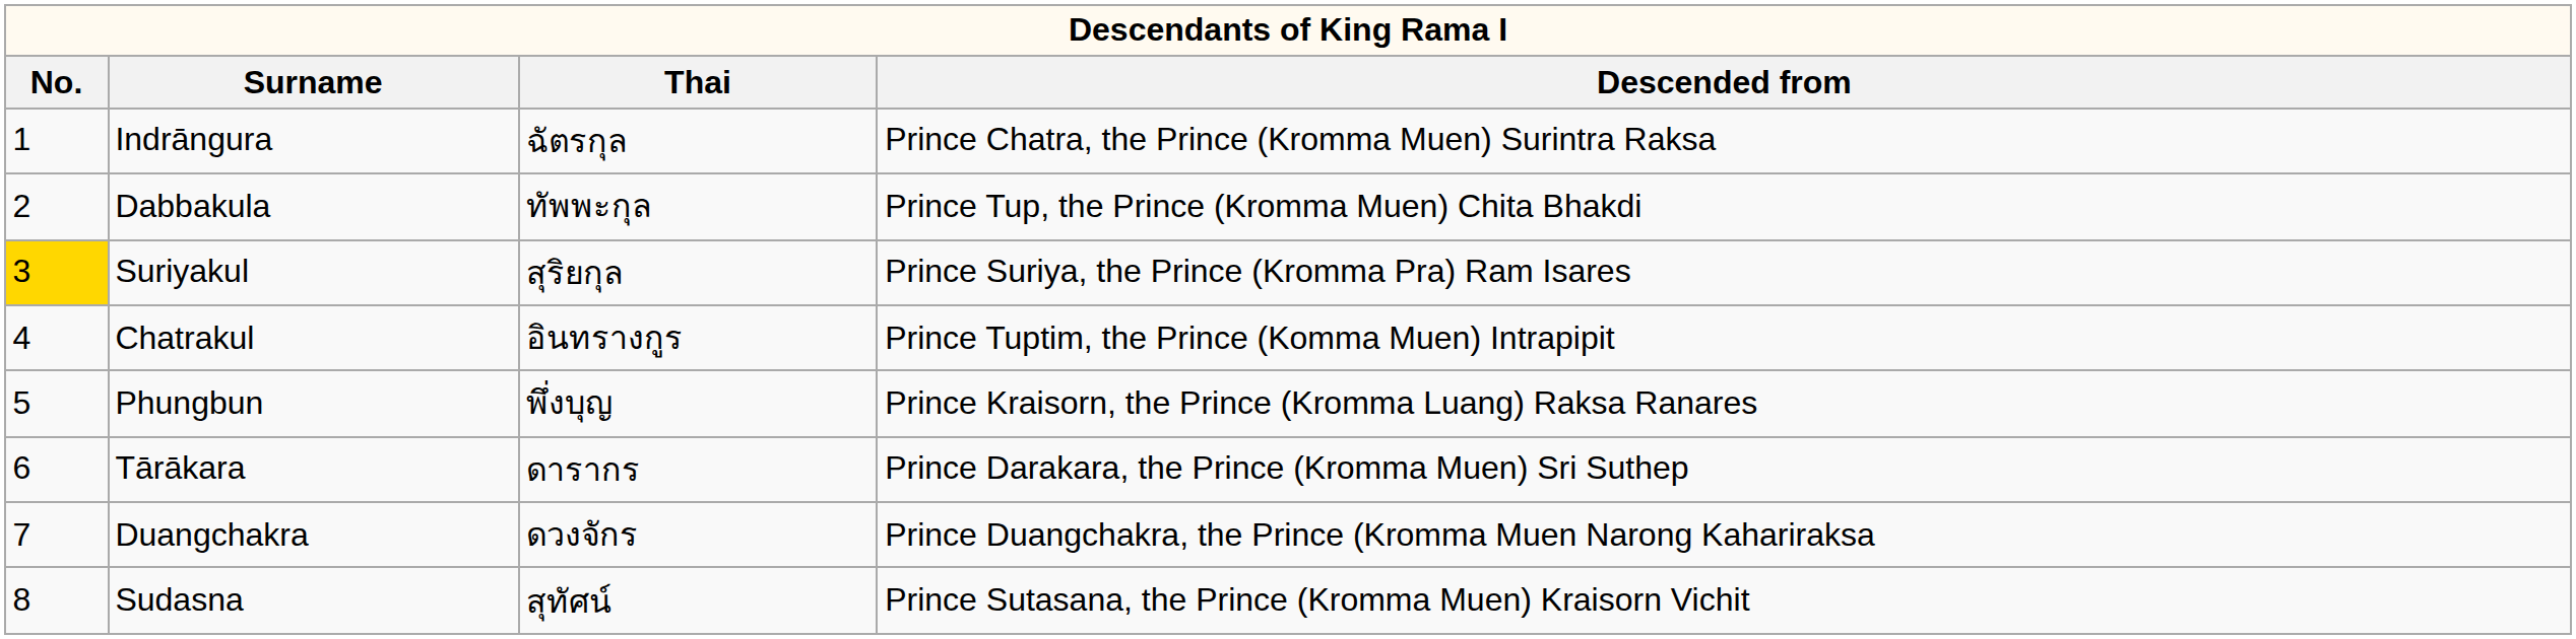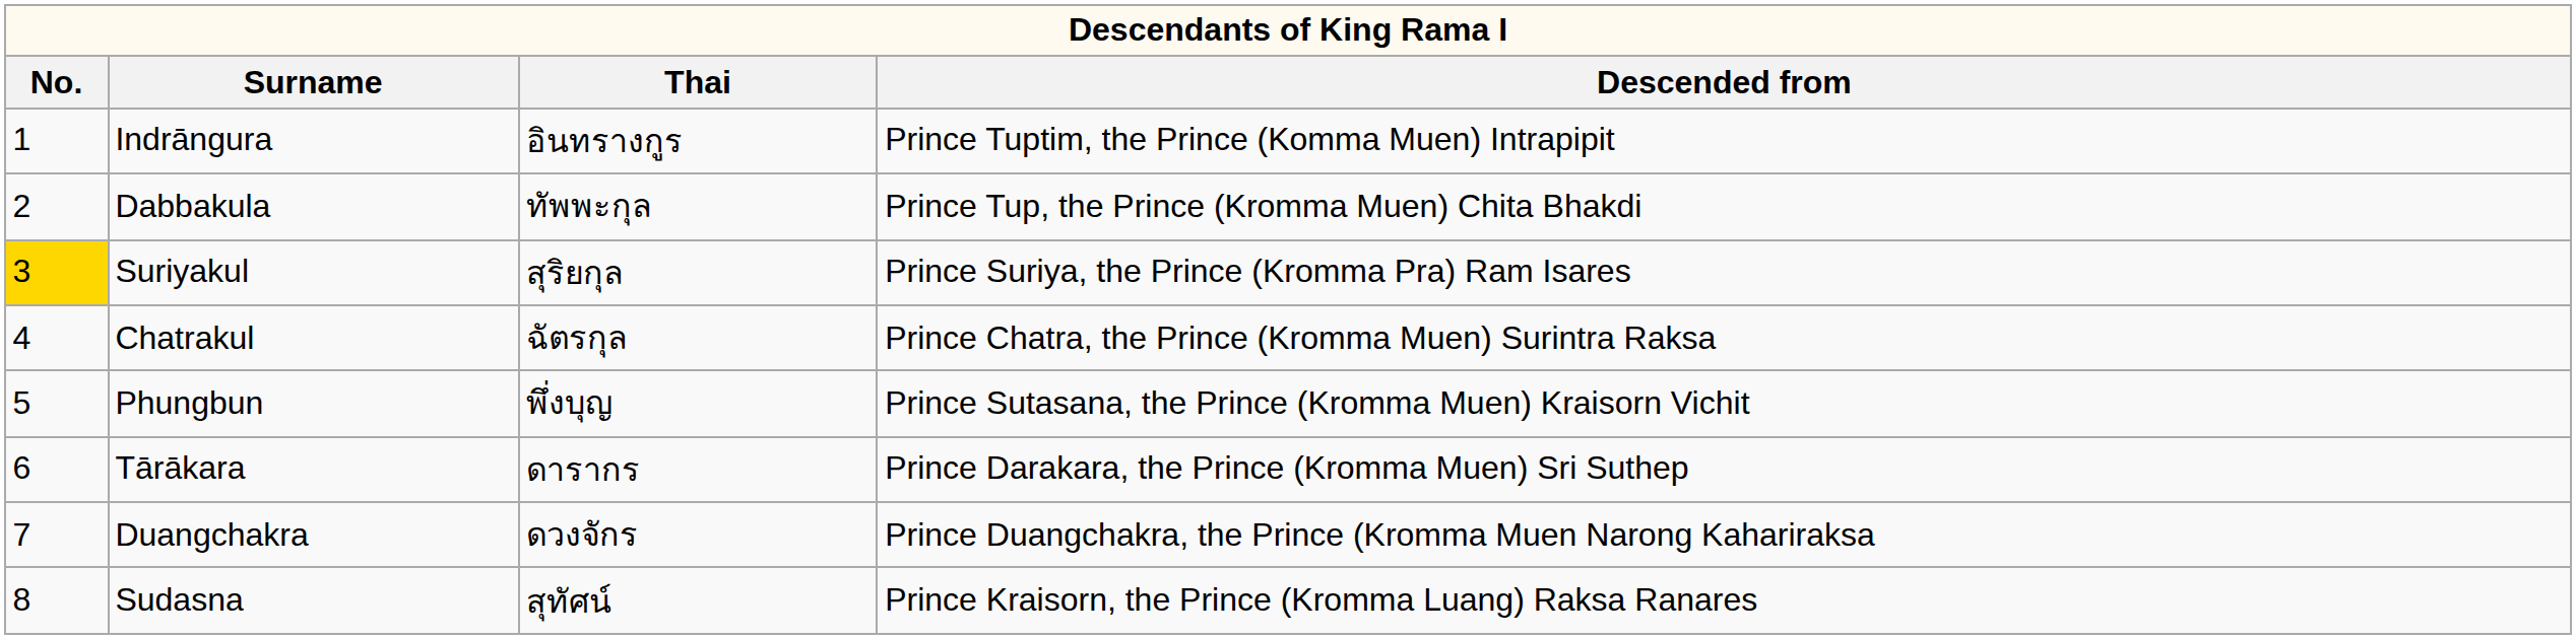 <table class="wikitable collapsible collapsed" style="width:100%;">
 <tr>
 <th style="align: center; background: #fffaf0;" colspan="4"><strong>Descendants of King Rama I</strong></th>
 </tr>
 <tr>
 <th style="width:4%;">No.</th>
 <th style="width:16%;">Surname</th>
 <th style="width:14%;">Thai</th>
 <th style="width:66%;">Descended from</th>
 </tr>
 <tr>
 <td>1</td>
 <td>Indrāngura</td>
-<td>ฉัตรกุล</td>
-<td>Prince Chatra, the Prince (Kromma Muen) Surintra Raksa</td>
+<td>อินทรางกูร</td>
+<td>Prince Tuptim, the Prince (Komma Muen) Intrapipit</td>
 </tr>
 <tr>
 <td>2</td>
 <td>Dabbakula</td>
 <td>ทัพพะกุล</td>
 <td>Prince Tup, the Prince (Kromma Muen) Chita Bhakdi</td>
 </tr>
 <tr>
 <td style="background: gold;">3</td>
 <td>Suriyakul</td>
 <td>สุริยกุล</td>
 <td>Prince Suriya, the Prince (Kromma Pra) Ram Isares</td>
 </tr>
 <tr>
 <td>4</td>
 <td>Chatrakul</td>
-<td>อินทรางกูร</td>
-<td>Prince Tuptim, the Prince (Komma Muen) Intrapipit</td>
+<td>ฉัตรกุล</td>
+<td>Prince Chatra, the Prince (Kromma Muen) Surintra Raksa</td>
 </tr>
 <tr>
 <td>5</td>
 <td>Phungbun</td>
 <td>พึ่งบุญ</td>
-<td>Prince Kraisorn, the Prince (Kromma Luang) Raksa Ranares</td>
+<td>Prince Sutasana, the Prince (Kromma Muen) Kraisorn Vichit</td>
 </tr>
 <tr>
 <td>6</td>
 <td>Tārākara</td>
 <td>ดารากร</td>
 <td>Prince Darakara, the Prince (Kromma Muen) Sri Suthep</td>
 </tr>
 <tr>
 <td>7</td>
 <td>Duangchakra</td>
 <td>ดวงจักร</td>
 <td>Prince Duangchakra, the Prince (Kromma Muen Narong Kahariraksa</td>
 </tr>
 <tr>
 <td>8</td>
 <td>Sudasna</td>
 <td>สุทัศน์</td>
-<td>Prince Sutasana, the Prince (Kromma Muen) Kraisorn Vichit</td>
+<td>Prince Kraisorn, the Prince (Kromma Luang) Raksa Ranares</td>
 </tr>
 </table>
